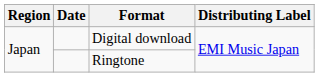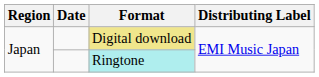 <table class="wikitable">
 <tr>
 <th>Region</th>
 <th>Date</th>
 <th>Format</th>
 <th>Distributing Label</th>
 </tr>
 <tr>
 <td rowspan=2>Japan</td>
 <td></td>
-<td>Digital download</td>
+<td style="background: khaki;">Digital download</td>
 <td rowspan=2><a href='#'>EMI Music Japan</a></td>
 </tr>
 <tr>
 <td></td>
-<td>Ringtone</td>
+<td style="background: paleturquoise;">Ringtone</td>
 </tr>
 </table>
